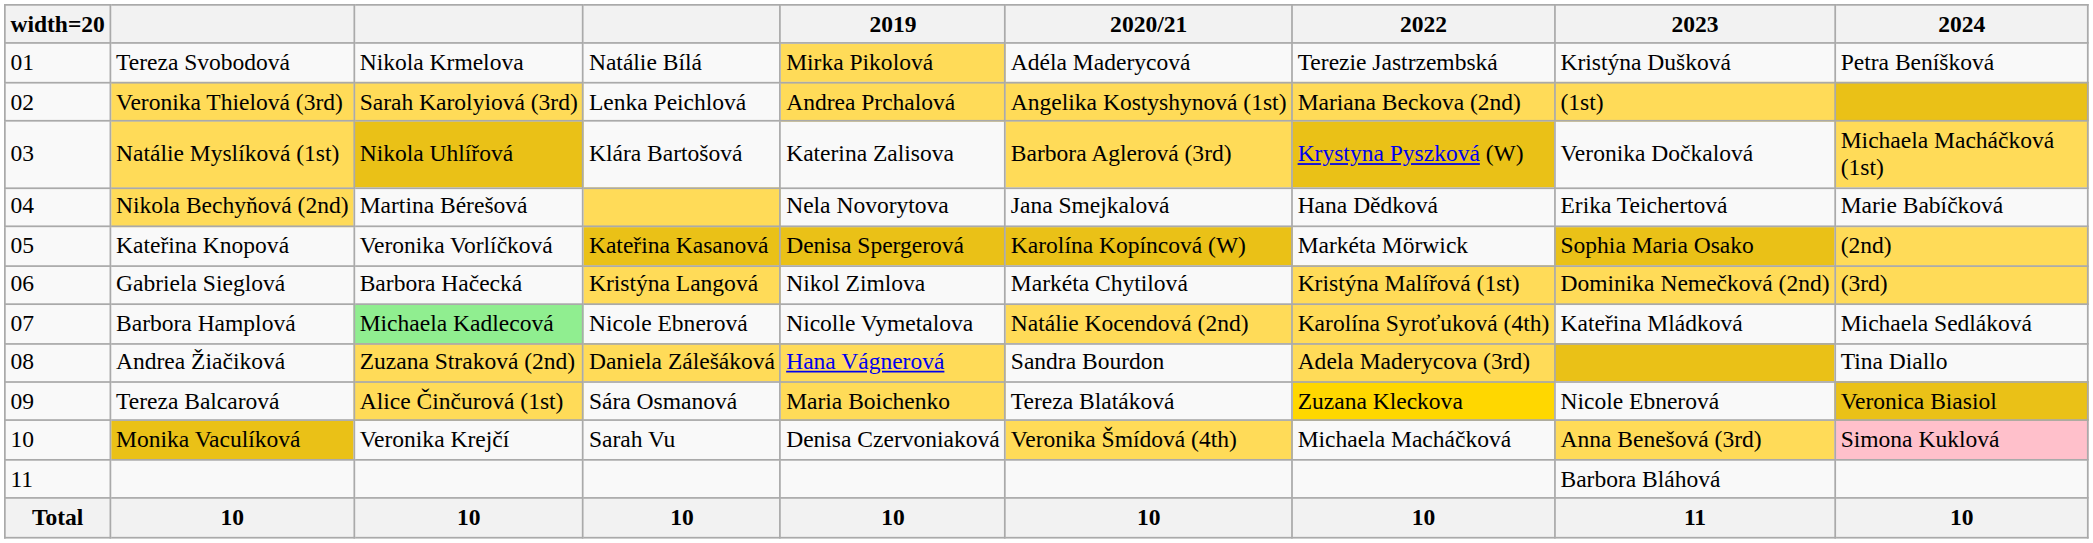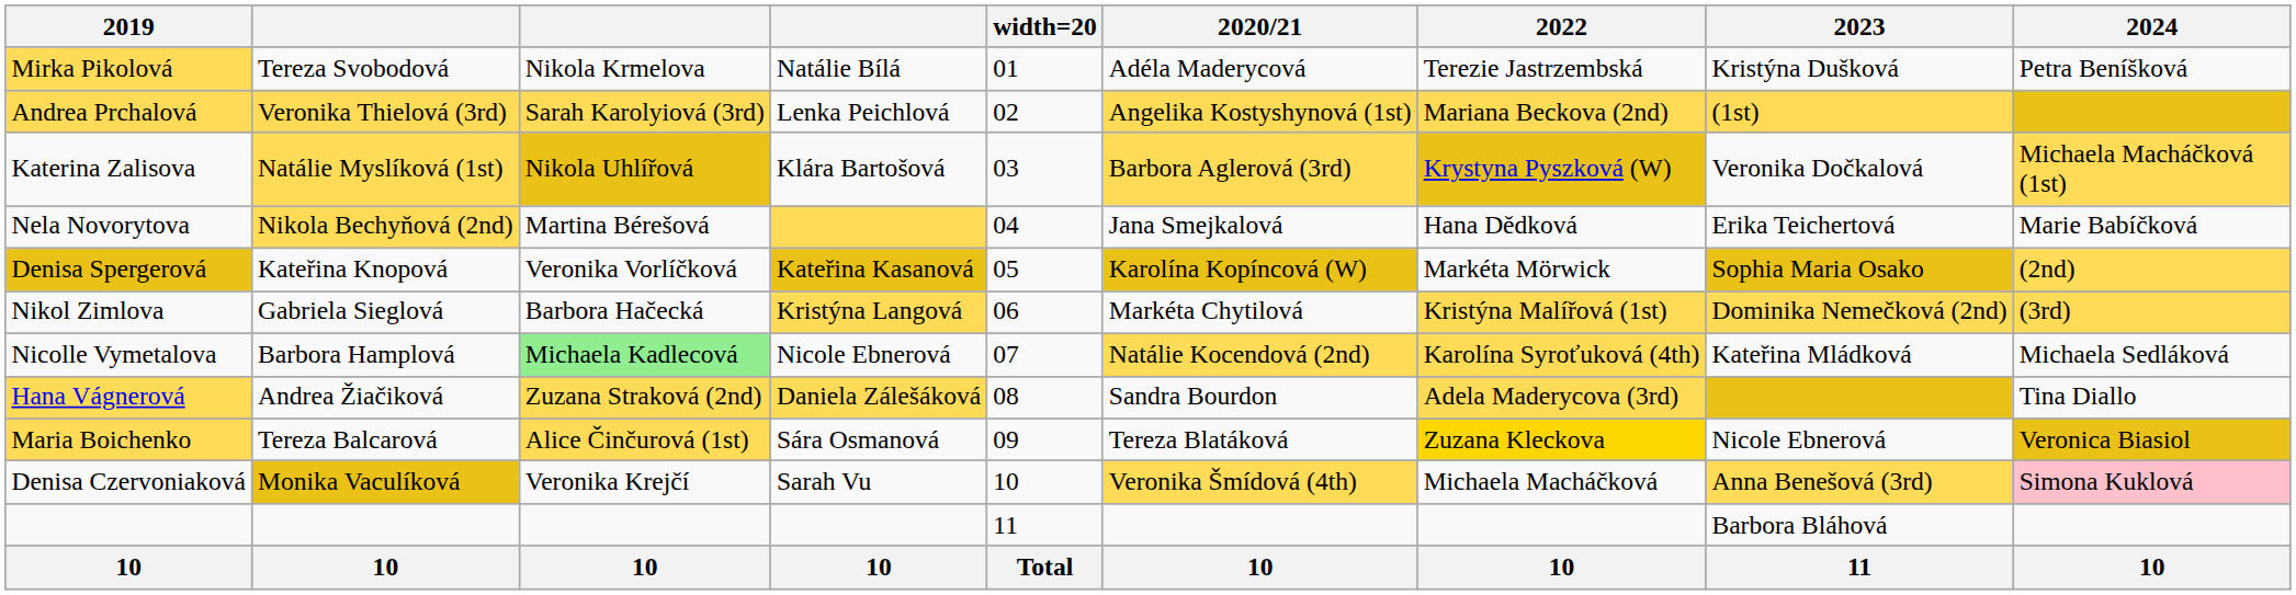 <table class="wikitable" style="font-size: 85%";>
 <tr>
-<th>width=20 </th>
+<th>2019</th>
 <th></th>
 <th></th>
 <th></th>
-<th>2019</th>
+<th>width=20 </th>
 <th>2020/21</th>
 <th>2022</th>
 <th>2023</th>
 <th width="140">2024</th>
 </tr>
 <tr>
-<td>01</td>
+<td bgcolor=#FFDB58>Mirka Pikolová </td>
 <td>Tereza Svobodová</td>
 <td>Nikola Krmelova</td>
 <td>Natálie Bílá</td>
-<td bgcolor=#FFDB58>Mirka Pikolová </td>
+<td>01</td>
 <td>Adéla Maderycová</td>
 <td>Terezie Jastrzembská</td>
 <td>Kristýna Dušková</td>
 <td>Petra Beníšková</td>
 </tr>
 <tr>
-<td>02</td>
+<td bgcolor=#FFDB58>Andrea Prchalová </td>
 <td bgcolor=#FFDB58>Veronika Thielová (3rd)</td>
 <td bgcolor=#FFDB58>Sarah Karolyiová (3rd)</td>
 <td>Lenka Peichlová</td>
-<td bgcolor=#FFDB58>Andrea Prchalová </td>
+<td>02</td>
 <td bgcolor=#FFDB58>Angelika Kostyshynová (1st)</td>
 <td bgcolor=#FFDB58>Mariana Beckova (2nd)</td>
 <td bgcolor=#FFDB58> (1st)</td>
 <td bgcolor=#EAC117> </td>
 </tr>
 <tr>
-<td>03</td>
+<td>Katerina Zalisova</td>
 <td bgcolor=#FFDB58>Natálie Myslíková (1st)</td>
 <td bgcolor=#EAC117>Nikola Uhlířová </td>
 <td>Klára Bartošová</td>
-<td>Katerina Zalisova</td>
+<td>03</td>
 <td bgcolor=#FFDB58>Barbora Aglerová (3rd)</td>
 <td bgcolor=#EAC117><a href='#'>Krystyna Pyszková</a> (W)</td>
 <td>Veronika Dočkalová</td>
 <td bgcolor=#FFDB58>Michaela Macháčková (1st)</td>
 </tr>
 <tr>
-<td>04</td>
+<td>Nela Novorytova</td>
 <td bgcolor=#FFDB58>Nikola Bechyňová (2nd)</td>
 <td>Martina Bérešová</td>
 <td bgcolor=#FFDB58> </td>
-<td>Nela Novorytova</td>
+<td>04</td>
 <td>Jana Smejkalová</td>
 <td>Hana Dědková</td>
 <td>Erika Teichertová</td>
 <td>Marie Babíčková</td>
 </tr>
 <tr>
-<td>05</td>
+<td bgcolor=#EAC117>Denisa Spergerová </td>
 <td>Kateřina Knopová</td>
 <td>Veronika Vorlíčková</td>
 <td bgcolor=#EAC117>Kateřina Kasanová </td>
-<td bgcolor=#EAC117>Denisa Spergerová </td>
+<td>05</td>
 <td bgcolor=#EAC117>Karolína Kopíncová (W)</td>
 <td>Markéta Mörwick</td>
 <td bgcolor=#EAC117>Sophia Maria Osako </td>
 <td bgcolor=#FFDB58> (2nd)</td>
 </tr>
 <tr>
-<td>06</td>
+<td>Nikol Zimlova</td>
 <td>Gabriela Sieglová</td>
 <td>Barbora Hačecká</td>
 <td bgcolor=#FFDB58>Kristýna Langová </td>
-<td>Nikol Zimlova</td>
+<td>06</td>
 <td>Markéta Chytilová</td>
 <td bgcolor=#FFDB58>Kristýna Malířová (1st)</td>
 <td bgcolor=#FFDB58>Dominika Nemečková (2nd)</td>
 <td bgcolor=#FFDB58> (3rd)</td>
 </tr>
 <tr>
-<td>07</td>
+<td>Nicolle Vymetalova</td>
 <td>Barbora Hamplová</td>
 <td style="background: lightgreen;">Michaela Kadlecová</td>
 <td>Nicole Ebnerová</td>
-<td>Nicolle Vymetalova</td>
+<td>07</td>
 <td bgcolor=#FFDB58>Natálie Kocendová (2nd)</td>
 <td bgcolor=#FFDB58>Karolína Syroťuková (4th)</td>
 <td>Kateřina Mládková</td>
 <td>Michaela Sedláková</td>
 </tr>
 <tr>
-<td>08</td>
+<td bgcolor=#FFDB58><a href='#'>Hana Vágnerová</a> </td>
 <td>Andrea Žiačiková</td>
 <td bgcolor=#FFDB58>Zuzana Straková (2nd)</td>
 <td bgcolor=#FFDB58>Daniela Zálešáková </td>
-<td bgcolor=#FFDB58><a href='#'>Hana Vágnerová</a> </td>
+<td>08</td>
 <td>Sandra Bourdon</td>
 <td bgcolor=#FFDB58>Adela Maderycova (3rd)</td>
 <td bgcolor=#EAC117> </td>
 <td>Tina Diallo</td>
 </tr>
 <tr>
-<td>09</td>
+<td bgcolor=#FFDB58>Maria Boichenko </td>
 <td>Tereza Balcarová</td>
 <td bgcolor=#FFDB58>Alice Činčurová (1st)</td>
 <td>Sára Osmanová</td>
-<td bgcolor=#FFDB58>Maria Boichenko </td>
+<td>09</td>
 <td>Tereza Blatáková</td>
 <td style="background: gold;">Zuzana Kleckova</td>
 <td>Nicole Ebnerová</td>
 <td bgcolor=#EAC117>Veronica Biasiol </td>
 </tr>
 <tr>
-<td>10</td>
+<td>Denisa Czervoniaková</td>
 <td bgcolor=#EAC117>Monika Vaculíková </td>
 <td>Veronika Krejčí</td>
 <td>Sarah Vu</td>
-<td>Denisa Czervoniaková</td>
+<td>10</td>
 <td bgcolor=#FFDB58>Veronika Šmídová (4th)</td>
 <td>Michaela Macháčková</td>
 <td bgcolor=#FFDB58>Anna Benešová (3rd)</td>
 <td style="background: pink;">Simona Kuklová</td>
 </tr>
 <tr>
-<td>11</td>
 <td></td>
 <td></td>
 <td></td>
 <td></td>
+<td>11</td>
 <td></td>
 <td></td>
 <td>Barbora Bláhová</td>
 <td></td>
 </tr>
 <tr>
-<th>Total</th>
 <th>10</th>
 <th>10</th>
 <th>10</th>
 <th>10</th>
+<th>Total</th>
 <th>10</th>
 <th>10</th>
 <th>11</th>
 <th>10</th>
 </tr>
 </table>
